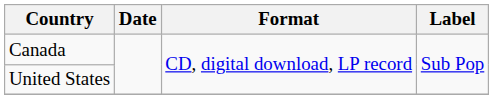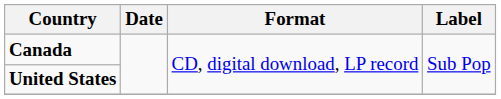 <table class="wikitable">
 <tr>
 <th>Country</th>
 <th>Date</th>
 <th>Format</th>
 <th>Label</th>
 </tr>
 <tr>
-<td rowspan="1">Canada</td>
+<td rowspan="1"><strong>Canada</strong></td>
 <td rowspan="2"></td>
 <td rowspan="2"><a href='#'>CD</a>, <a href='#'>digital download</a>, <a href='#'>LP record</a></td>
 <td rowspan="2"><a href='#'>Sub Pop</a></td>
 </tr>
 <tr>
-<td rowspan="1">United States</td>
+<td rowspan="1"><strong>United States</strong></td>
 </tr>
 <tr>
 </tr>
 </table>
